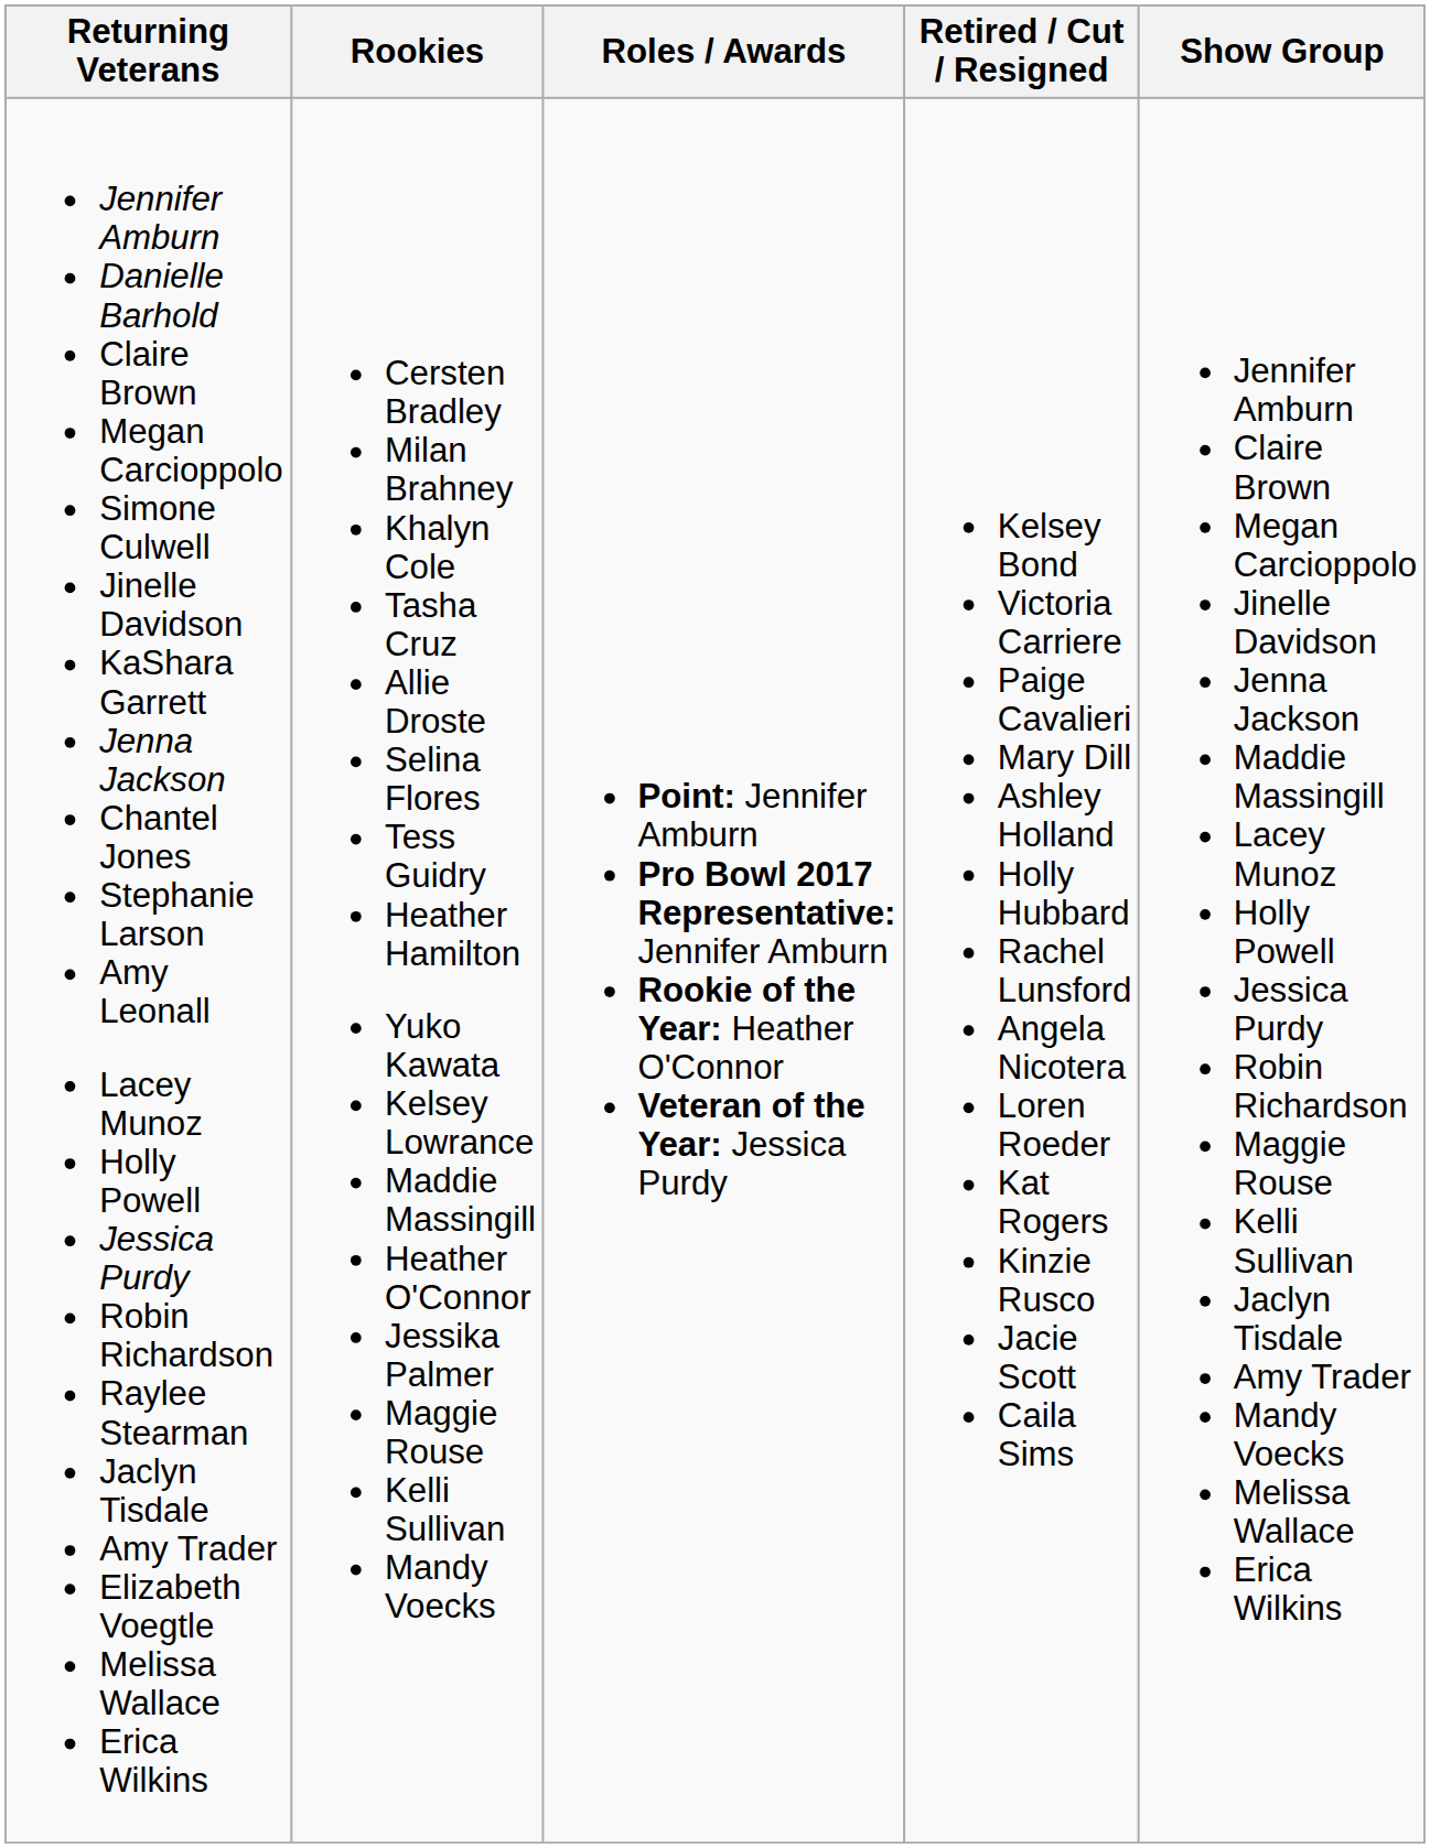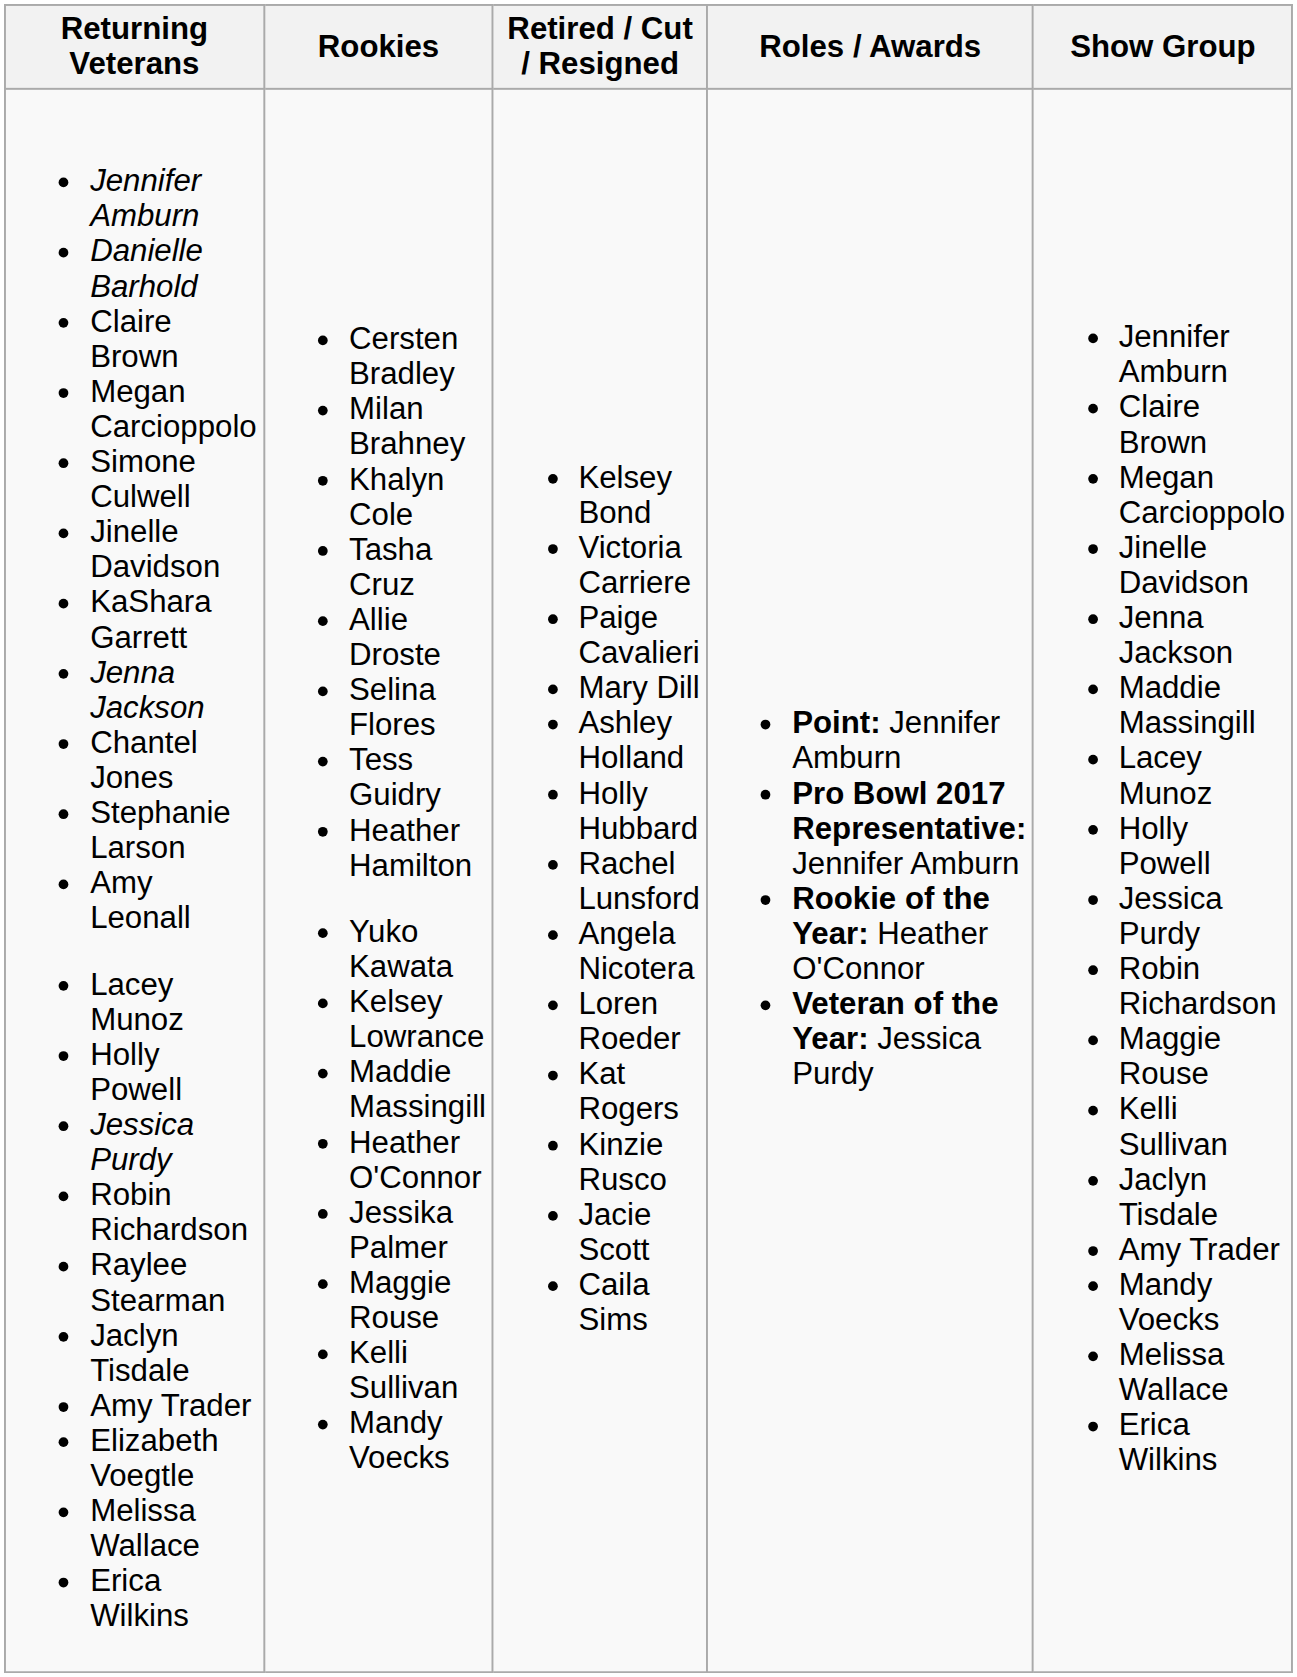 <table class="wikitable" style="width:100%;">
 <tr>
 <th>Returning Veterans</th>
 <th>Rookies</th>
+<th>Retired / Cut / Resigned</th>
 <th>Roles / Awards</th>
-<th>Retired / Cut / Resigned</th>
 <th>Show Group</th>
 </tr>
 <tr>
 <td><br><ul><li><em>Jennifer Amburn</em></li><li><em>Danielle Barhold</em></li><li>Claire Brown</li><li>Megan Carcioppolo</li><li>Simone Culwell</li><li>Jinelle Davidson</li><li>KaShara Garrett</li><li><em>Jenna Jackson</em></li><li>Chantel Jones</li><li>Stephanie Larson</li><li>Amy Leonall</li></ul><ul><li>Lacey Munoz</li><li>Holly Powell</li><li><em>Jessica Purdy</em></li><li>Robin Richardson</li><li>Raylee Stearman</li><li>Jaclyn Tisdale</li><li>Amy Trader</li><li>Elizabeth Voegtle</li><li>Melissa Wallace</li><li>Erica Wilkins</li></ul></td>
 <td><br><ul><li>Cersten Bradley</li><li>Milan Brahney</li><li>Khalyn Cole</li><li>Tasha Cruz</li><li>Allie Droste</li><li>Selina Flores</li><li>Tess Guidry</li><li>Heather Hamilton</li></ul><ul><li>Yuko Kawata</li><li>Kelsey Lowrance</li><li>Maddie Massingill</li><li>Heather O'Connor</li><li>Jessika Palmer</li><li>Maggie Rouse</li><li>Kelli Sullivan</li><li>Mandy Voecks</li></ul></td>
+<td><br><ul><li>Kelsey Bond </li><li>Victoria Carriere </li><li>Paige Cavalieri </li><li>Mary Dill </li><li>Ashley Holland </li><li>Holly Hubbard </li><li>Rachel Lunsford </li><li>Angela Nicotera </li><li>Loren Roeder </li><li>Kat Rogers </li><li>Kinzie Rusco </li><li>Jacie Scott </li><li>Caila Sims </li></ul></td>
 <td><br><ul><li><strong>Point:</strong> Jennifer Amburn</li><li><strong>Pro Bowl 2017 Representative:</strong> Jennifer Amburn</li><li><strong>Rookie of the Year:</strong> Heather O'Connor</li><li><strong>Veteran of the Year:</strong> Jessica Purdy</li></ul></td>
-<td><br><ul><li>Kelsey Bond </li><li>Victoria Carriere </li><li>Paige Cavalieri </li><li>Mary Dill </li><li>Ashley Holland </li><li>Holly Hubbard </li><li>Rachel Lunsford </li><li>Angela Nicotera </li><li>Loren Roeder </li><li>Kat Rogers </li><li>Kinzie Rusco </li><li>Jacie Scott </li><li>Caila Sims </li></ul></td>
 <td><br><ul><li>Jennifer Amburn</li><li>Claire Brown</li><li>Megan Carcioppolo</li><li>Jinelle Davidson</li><li>Jenna Jackson</li><li>Maddie Massingill</li><li>Lacey Munoz</li><li>Holly Powell</li><li>Jessica Purdy</li><li>Robin Richardson</li><li>Maggie Rouse</li><li>Kelli Sullivan</li><li>Jaclyn Tisdale</li><li>Amy Trader</li><li>Mandy Voecks</li><li>Melissa Wallace</li><li>Erica Wilkins</li></ul></td>
 </tr>
 </table>
